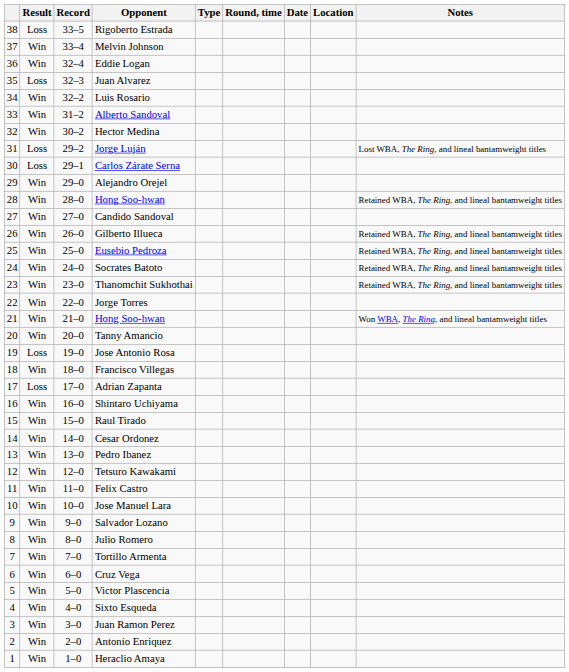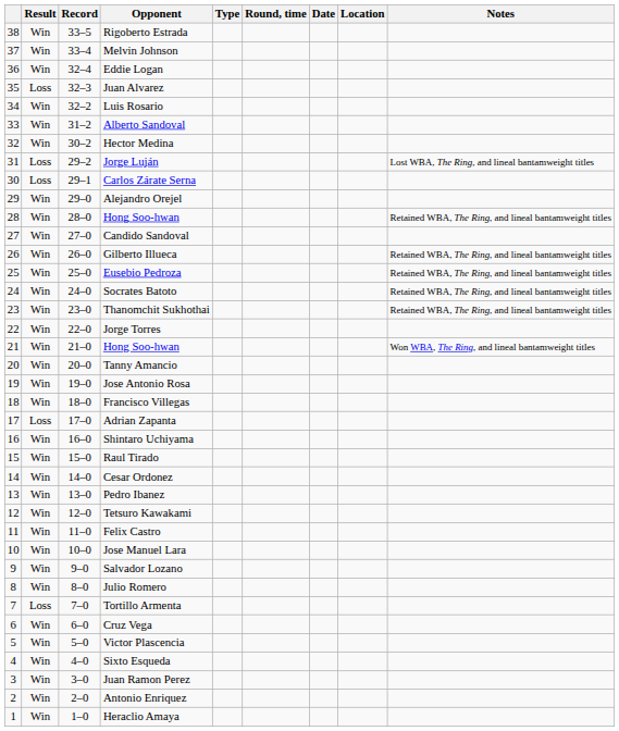 <table class="wikitable" style="text-align:center">
 <tr>
 <th></th>
 <th>Result</th>
 <th>Record</th>
 <th>Opponent</th>
 <th>Type</th>
 <th>Round, time</th>
 <th>Date</th>
 <th>Location</th>
 <th>Notes</th>
 </tr>
 <tr>
 <td>38</td>
-<td>Loss</td>
+<td>Win</td>
 <td>33–5</td>
 <td align=left> Rigoberto Estrada</td>
 <td></td>
 <td></td>
 <td></td>
 <td align=left></td>
 <td align=left></td>
 </tr>
 <tr>
 <td>37</td>
 <td>Win</td>
 <td>33–4</td>
 <td align=left> Melvin Johnson</td>
 <td></td>
 <td></td>
 <td></td>
 <td align=left></td>
 <td align=left></td>
 </tr>
 <tr>
 <td>36</td>
 <td>Win</td>
 <td>32–4</td>
 <td align=left> Eddie Logan</td>
 <td></td>
 <td></td>
 <td></td>
 <td align=left></td>
 <td align=left></td>
 </tr>
 <tr>
 <td>35</td>
 <td>Loss</td>
 <td>32–3</td>
 <td align=left> Juan Alvarez</td>
 <td></td>
 <td></td>
 <td></td>
 <td align=left></td>
 <td align=left></td>
 </tr>
 <tr>
 <td>34</td>
 <td>Win</td>
 <td>32–2</td>
 <td align=left> Luis Rosario</td>
 <td></td>
 <td></td>
 <td></td>
 <td align=left></td>
 <td align=left></td>
 </tr>
 <tr>
 <td>33</td>
 <td>Win</td>
 <td>31–2</td>
 <td align=left> <a href='#'>Alberto Sandoval</a></td>
 <td></td>
 <td></td>
 <td></td>
 <td align=left></td>
 <td align=left></td>
 </tr>
 <tr>
 <td>32</td>
 <td>Win</td>
 <td>30–2</td>
 <td align=left> Hector Medina</td>
 <td></td>
 <td></td>
 <td></td>
 <td align=left></td>
 <td align=left></td>
 </tr>
 <tr>
 <td>31</td>
 <td>Loss</td>
 <td>29–2</td>
 <td align=left> <a href='#'>Jorge Luján</a></td>
 <td></td>
 <td></td>
 <td></td>
 <td align=left></td>
 <td align=left><small>Lost WBA, <em>The Ring</em>, and lineal bantamweight titles</small></td>
 </tr>
 <tr>
 <td>30</td>
 <td>Loss</td>
 <td>29–1</td>
 <td align=left> <a href='#'>Carlos Zárate Serna</a></td>
 <td></td>
 <td></td>
 <td></td>
 <td align=left></td>
 <td></td>
 </tr>
 <tr>
 <td>29</td>
 <td>Win</td>
 <td>29–0</td>
 <td align=left> Alejandro Orejel</td>
 <td></td>
 <td></td>
 <td></td>
 <td align=left></td>
 <td align=left></td>
 </tr>
 <tr>
 <td>28</td>
 <td>Win</td>
 <td>28–0</td>
 <td align=left> <a href='#'>Hong Soo-hwan</a></td>
 <td></td>
 <td></td>
 <td></td>
 <td align=left></td>
 <td align=left><small>Retained WBA, <em>The Ring</em>, and lineal bantamweight titles</small></td>
 </tr>
 <tr>
 <td>27</td>
 <td>Win</td>
 <td>27–0</td>
 <td align=left> Candido Sandoval</td>
 <td></td>
 <td></td>
 <td></td>
 <td align=left></td>
 <td align=left></td>
 </tr>
 <tr>
 <td>26</td>
 <td>Win</td>
 <td>26–0</td>
 <td align=left> Gilberto Illueca</td>
 <td></td>
 <td></td>
 <td></td>
 <td align=left></td>
 <td align=left><small>Retained WBA, <em>The Ring</em>, and lineal bantamweight titles</small></td>
 </tr>
 <tr>
 <td>25</td>
 <td>Win</td>
 <td>25–0</td>
 <td align=left> <a href='#'>Eusebio Pedroza</a></td>
 <td></td>
 <td></td>
 <td></td>
 <td align=left></td>
 <td align=left><small>Retained WBA, <em>The Ring</em>, and lineal bantamweight titles</small></td>
 </tr>
 <tr>
 <td>24</td>
 <td>Win</td>
 <td>24–0</td>
 <td align=left> Socrates Batoto</td>
 <td></td>
 <td></td>
 <td></td>
 <td align=left></td>
 <td align=left><small>Retained WBA, <em>The Ring</em>, and lineal bantamweight titles</small></td>
 </tr>
 <tr>
 <td>23</td>
 <td>Win</td>
 <td>23–0</td>
 <td align=left> Thanomchit Sukhothai</td>
 <td></td>
 <td></td>
 <td></td>
 <td align=left></td>
 <td align=left><small>Retained WBA, <em>The Ring</em>, and lineal bantamweight titles</small></td>
 </tr>
 <tr>
 <td>22</td>
 <td>Win</td>
 <td>22–0</td>
 <td align=left> Jorge Torres</td>
 <td></td>
 <td></td>
 <td></td>
 <td align=left></td>
 <td align=left></td>
 </tr>
 <tr>
 <td>21</td>
 <td>Win</td>
 <td>21–0</td>
 <td align=left> <a href='#'>Hong Soo-hwan</a></td>
 <td></td>
 <td></td>
 <td></td>
 <td align=left></td>
 <td align=left><small>Won <a href='#'>WBA</a>, <a href='#'><em>The Ring</em></a>, and lineal bantamweight titles</small></td>
 </tr>
 <tr>
 <td>20</td>
 <td>Win</td>
 <td>20–0</td>
 <td align=left> Tanny Amancio</td>
 <td></td>
 <td></td>
 <td></td>
 <td align=left></td>
 <td align=left></td>
 </tr>
 <tr>
 <td>19</td>
-<td>Loss</td>
+<td>Win</td>
 <td>19–0</td>
 <td align=left> Jose Antonio Rosa</td>
 <td></td>
 <td></td>
 <td></td>
 <td align=left></td>
 <td align=left></td>
 </tr>
 <tr>
 <td>18</td>
 <td>Win</td>
 <td>18–0</td>
 <td align=left> Francisco Villegas</td>
 <td></td>
 <td></td>
 <td></td>
 <td align=left></td>
 <td align=left></td>
 </tr>
 <tr>
 <td>17</td>
 <td>Loss</td>
 <td>17–0</td>
 <td align=left> Adrian Zapanta</td>
 <td></td>
 <td></td>
 <td></td>
 <td align=left></td>
 <td align=left></td>
 </tr>
 <tr>
 <td>16</td>
 <td>Win</td>
 <td>16–0</td>
 <td align=left> Shintaro Uchiyama</td>
 <td></td>
 <td></td>
 <td></td>
 <td align=left></td>
 <td align=left></td>
 </tr>
 <tr>
 <td>15</td>
 <td>Win</td>
 <td>15–0</td>
 <td align=left> Raul Tirado</td>
 <td></td>
 <td></td>
 <td></td>
 <td align=left></td>
 <td align=left></td>
 </tr>
 <tr>
 <td>14</td>
 <td>Win</td>
 <td>14–0</td>
 <td align=left> Cesar Ordonez</td>
 <td></td>
 <td></td>
 <td></td>
 <td align=left></td>
 <td align=left></td>
 </tr>
 <tr>
 <td>13</td>
 <td>Win</td>
 <td>13–0</td>
 <td align=left> Pedro Ibanez</td>
 <td></td>
 <td></td>
 <td></td>
 <td align=left></td>
 <td align=left></td>
 </tr>
 <tr>
 <td>12</td>
 <td>Win</td>
 <td>12–0</td>
 <td align=left> Tetsuro Kawakami</td>
 <td></td>
 <td></td>
 <td></td>
 <td align=left></td>
 <td align=left></td>
 </tr>
 <tr>
 <td>11</td>
 <td>Win</td>
 <td>11–0</td>
 <td align=left> Felix Castro</td>
 <td></td>
 <td></td>
 <td></td>
 <td align=left></td>
 <td align=left></td>
 </tr>
 <tr>
 <td>10</td>
 <td>Win</td>
 <td>10–0</td>
 <td align=left> Jose Manuel Lara</td>
 <td></td>
 <td></td>
 <td></td>
 <td align=left></td>
 <td align=left></td>
 </tr>
 <tr>
 <td>9</td>
 <td>Win</td>
 <td>9–0</td>
 <td align=left> Salvador Lozano</td>
 <td></td>
 <td></td>
 <td></td>
 <td align=left></td>
 <td align=left></td>
 </tr>
 <tr>
 <td>8</td>
 <td>Win</td>
 <td>8–0</td>
 <td align=left> Julio Romero</td>
 <td></td>
 <td></td>
 <td></td>
 <td align=left></td>
 <td align=left></td>
 </tr>
 <tr>
 <td>7</td>
-<td>Win</td>
+<td>Loss</td>
 <td>7–0</td>
 <td align=left> Tortillo Armenta</td>
 <td></td>
 <td></td>
 <td></td>
 <td align=left></td>
 <td align=left></td>
 </tr>
 <tr>
 <td>6</td>
 <td>Win</td>
 <td>6–0</td>
 <td align=left> Cruz Vega</td>
 <td></td>
 <td></td>
 <td></td>
 <td align=left></td>
 <td align=left></td>
 </tr>
 <tr>
 <td>5</td>
 <td>Win</td>
 <td>5–0</td>
 <td align=left> Victor Plascencia</td>
 <td></td>
 <td></td>
 <td></td>
 <td align=left></td>
 <td align=left></td>
 </tr>
 <tr>
 <td>4</td>
 <td>Win</td>
 <td>4–0</td>
 <td align=left> Sixto Esqueda</td>
 <td></td>
 <td></td>
 <td></td>
 <td align=left></td>
 <td align=left></td>
 </tr>
 <tr>
 <td>3</td>
 <td>Win</td>
 <td>3–0</td>
 <td align=left> Juan Ramon Perez</td>
 <td></td>
 <td></td>
 <td></td>
 <td align=left></td>
 <td align=left></td>
 </tr>
 <tr>
 <td>2</td>
 <td>Win</td>
 <td>2–0</td>
 <td align=left> Antonio Enriquez</td>
 <td></td>
 <td></td>
 <td></td>
 <td align=left></td>
 <td align=left></td>
 </tr>
 <tr>
 <td>1</td>
 <td>Win</td>
 <td>1–0</td>
 <td align=left> Heraclio Amaya</td>
 <td></td>
 <td></td>
 <td></td>
 <td align=left></td>
 <td align=left></td>
 </tr>
 </table>
